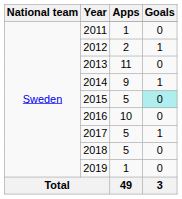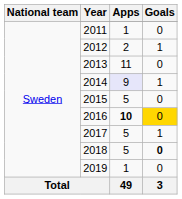 <table class="wikitable" style="text-align: center;">
 <tr>
 <th>National team</th>
 <th>Year</th>
 <th>Apps</th>
 <th>Goals</th>
 </tr>
 <tr>
 <td rowspan="10"><a href='#'>Sweden</a></td>
 </tr>
 <tr>
 <td>2011</td>
 <td>1</td>
 <td>0</td>
 </tr>
 <tr>
 <td>2012</td>
 <td>2</td>
 <td>1</td>
 </tr>
 <tr>
 <td>2013</td>
 <td>11</td>
 <td>0</td>
 </tr>
 <tr>
 <td>2014</td>
-<td>9</td>
+<td style="background: lavender;">9</td>
 <td>1</td>
 </tr>
 <tr>
 <td>2015</td>
 <td>5</td>
-<td style="background: paleturquoise;">0</td>
+<td>0</td>
 </tr>
 <tr>
 <td>2016</td>
-<td>10</td>
-<td>0</td>
+<td><strong>10</strong></td>
+<td style="background: gold;">0</td>
 </tr>
 <tr>
 <td>2017</td>
 <td>5</td>
 <td>1</td>
 </tr>
 <tr>
 <td>2018</td>
 <td>5</td>
-<td>0</td>
+<td><strong>0</strong></td>
 </tr>
 <tr>
 <td>2019</td>
 <td>1</td>
 <td>0</td>
 </tr>
 <tr>
 <th colspan=2>Total</th>
 <th>49</th>
 <th>3</th>
 </tr>
 </table>
